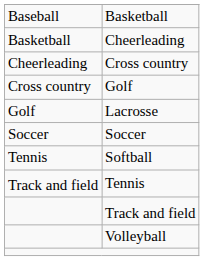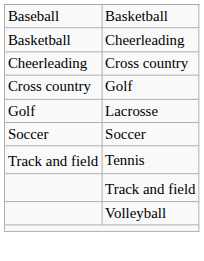 <table class="wikitable" style=" ">
 <tr>
 </tr>
 <tr>
 <td>Baseball</td>
 <td>Basketball</td>
 </tr>
 <tr>
 <td>Basketball</td>
 <td>Cheerleading</td>
 </tr>
 <tr>
 <td>Cheerleading</td>
 <td>Cross country</td>
 </tr>
 <tr>
 <td>Cross country</td>
 <td>Golf</td>
 </tr>
 <tr>
 <td>Golf</td>
 <td>Lacrosse</td>
 </tr>
 <tr>
 <td>Soccer</td>
 <td>Soccer</td>
 </tr>
 <tr>
-<td>Tennis</td>
-<td>Softball</td>
-</tr>
-<tr>
 <td>Track and field<sup></sup></td>
 <td>Tennis</td>
 </tr>
 <tr>
 <td></td>
 <td>Track and field<sup></sup></td>
 </tr>
 <tr>
 <td></td>
 <td>Volleyball</td>
 </tr>
 <tr>
 <td colspan="2"></td>
 </tr>
 </table>
